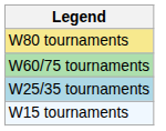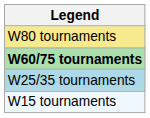 <table class="wikitable" style="font-size:85%">
 <tr>
 <th>Legend</th>
 </tr>
 <tr style="background:#f7e98e;">
 <td>W80 tournaments</td>
 </tr>
 <tr style="background:#addfad;">
-<td>W60/75 tournaments</td>
+<td><strong>W60/75 tournaments</strong></td>
 </tr>
 <tr style="background:lightblue;">
 <td>W25/35 tournaments</td>
 </tr>
 <tr style="background:#f0f8ff;">
 <td>W15 tournaments</td>
 </tr>
 </table>
